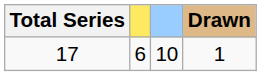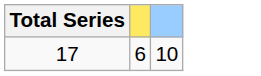 <table class="wikitable">
 <tr>
 <th>Total Series</th>
 <th style="background:#fdea60"></th>
 <th style="background:#99ccff"></th>
-<th style="background:#deb887">Drawn</th>
 </tr>
 <tr>
 <td align="center">17</td>
 <td align="center">6</td>
 <td align="center">10</td>
-<td align="center">1</td>
 </tr>
 </table>
